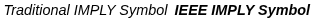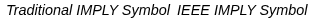 <table style="margin:auto; text-align:center;">
 <tr>
 <td></td>
 <td></td>
 <td></td>
 </tr>
 <tr>
 <td><em>Traditional IMPLY Symbol</em></td>
 <td></td>
-<td><strong><em>IEEE IMPLY Symbol</em></strong></td>
+<td><em>IEEE IMPLY Symbol</em></td>
 </tr>
 </table>
